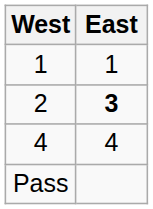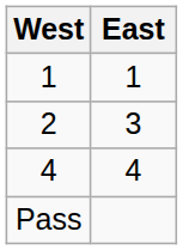 <table class="wikitable" style="float:left; margin-top:10px; margin-left:10px;">
 <tr>
 <th width="50%">West</th>
 <th width="50%">East</th>
 </tr>
 <tr align="center">
 <td>1</td>
 <td>1</td>
 </tr>
 <tr align="center">
 <td>2</td>
-<td><strong>3</strong></td>
+<td>3</td>
 </tr>
 <tr align="center">
 <td>4</td>
 <td>4</td>
 </tr>
 <tr align="center">
 <td>Pass</td>
 <td></td>
 </tr>
 </table>
